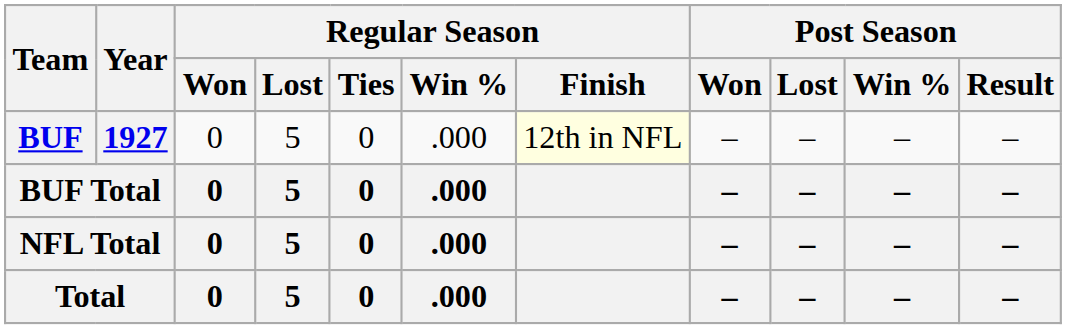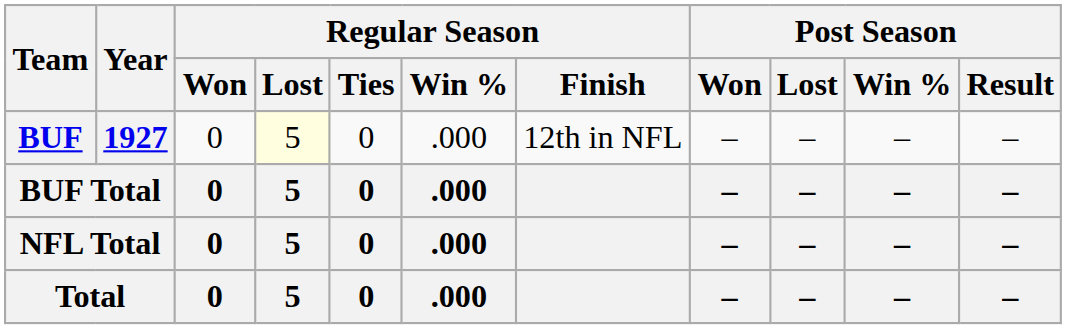 <table class="wikitable" style="font-size: 95%; text-align:center;">
 <tr>
 <th rowspan="2">Team</th>
 <th rowspan="2">Year</th>
 <th colspan="5">Regular Season</th>
 <th colspan="4">Post Season</th>
 </tr>
 <tr>
 <th>Won</th>
 <th>Lost</th>
 <th>Ties</th>
 <th>Win %</th>
 <th>Finish</th>
 <th>Won</th>
 <th>Lost</th>
 <th>Win %</th>
 <th>Result</th>
 </tr>
 <tr>
 <th><a href='#'>BUF</a></th>
 <th><a href='#'>1927</a></th>
 <td>0</td>
-<td>5</td>
+<td style="background: lightyellow;">5</td>
 <td>0</td>
 <td>.000</td>
-<td style="background: lightyellow;">12th in NFL</td>
+<td>12th in NFL</td>
 <td>–</td>
 <td>–</td>
 <td>–</td>
 <td>–</td>
 </tr>
 <tr>
 <th colspan="2">BUF Total</th>
 <th>0</th>
 <th>5</th>
 <th>0</th>
 <th>.000</th>
 <th></th>
 <th>–</th>
 <th>–</th>
 <th>–</th>
 <th>–</th>
 </tr>
 <tr>
 <th colspan="2">NFL Total</th>
 <th>0</th>
 <th>5</th>
 <th>0</th>
 <th>.000</th>
 <th></th>
 <th>–</th>
 <th>–</th>
 <th>–</th>
 <th>–</th>
 </tr>
 <tr>
 <th colspan="2">Total</th>
 <th>0</th>
 <th>5</th>
 <th>0</th>
 <th>.000</th>
 <th></th>
 <th>–</th>
 <th>–</th>
 <th>–</th>
 <th>–</th>
 </tr>
 </table>
